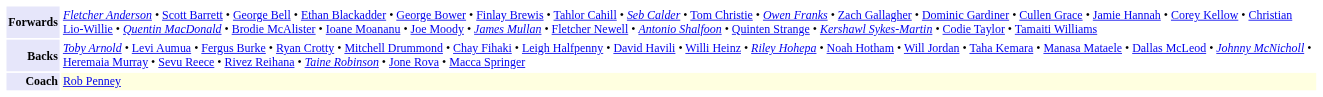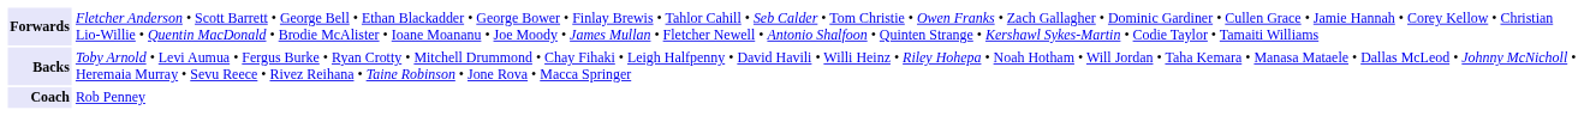 <table cellpadding="2" style="border:1px solid white;font-size:90%">
 <tr>
 <td style="text-align:right" bgcolor="lavender"><strong>Forwards</strong></td>
 <td style="text-align:left"><em><a href='#'>Fletcher Anderson</a></em> • <a href='#'>Scott Barrett</a> • <a href='#'>George Bell</a> • <a href='#'>Ethan Blackadder</a> • <a href='#'>George Bower</a> • <a href='#'>Finlay Brewis</a> • <a href='#'>Tahlor Cahill</a> • <em><a href='#'>Seb Calder</a></em> • <a href='#'>Tom Christie</a> • <em><a href='#'>Owen Franks</a></em> • <a href='#'>Zach Gallagher</a> • <a href='#'>Dominic Gardiner</a> • <a href='#'>Cullen Grace</a> • <a href='#'>Jamie Hannah</a> • <a href='#'>Corey Kellow</a> • <a href='#'>Christian Lio-Willie</a> • <em><a href='#'>Quentin MacDonald</a></em> • <a href='#'>Brodie McAlister</a> • <a href='#'>Ioane Moananu</a> • <a href='#'>Joe Moody</a> • <em><a href='#'>James Mullan</a></em> • <a href='#'>Fletcher Newell</a> • <em><a href='#'>Antonio Shalfoon</a></em> • <a href='#'>Quinten Strange</a> • <em><a href='#'>Kershawl Sykes-Martin</a></em> • <a href='#'>Codie Taylor</a> • <a href='#'>Tamaiti Williams</a></td>
 </tr>
 <tr>
 <td style="text-align:right" bgcolor="lavender"><strong>Backs</strong></td>
 <td style="text-align:left"><em><a href='#'>Toby Arnold</a></em> • <a href='#'>Levi Aumua</a> • <a href='#'>Fergus Burke</a> • <a href='#'>Ryan Crotty</a> • <a href='#'>Mitchell Drummond</a> • <a href='#'>Chay Fihaki</a> • <a href='#'>Leigh Halfpenny</a> • <a href='#'>David Havili</a> • <a href='#'>Willi Heinz</a> • <em><a href='#'>Riley Hohepa</a></em> • <a href='#'>Noah Hotham</a> • <a href='#'>Will Jordan</a> • <a href='#'>Taha Kemara</a> • <a href='#'>Manasa Mataele</a> • <a href='#'>Dallas McLeod</a> • <em><a href='#'>Johnny McNicholl</a></em> • <a href='#'>Heremaia Murray</a> • <a href='#'>Sevu Reece</a> • <a href='#'>Rivez Reihana</a> • <em><a href='#'>Taine Robinson</a></em> • <a href='#'>Jone Rova</a> • <a href='#'>Macca Springer</a></td>
 </tr>
 <tr>
 <td style="text-align:right" bgcolor="lavender"><strong>Coach</strong></td>
-<td style="background: lightyellow; text-align:left"><a href='#'>Rob Penney</a></td>
+<td style="text-align:left"><a href='#'>Rob Penney</a></td>
 </tr>
 </table>
